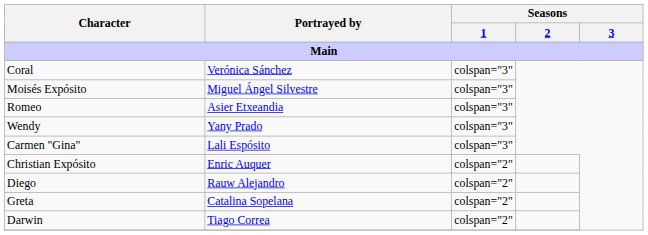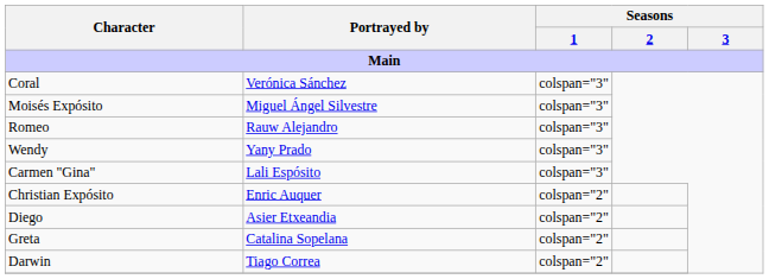 <table class="wikitable">
 <tr>
 <th rowspan="2">Character</th>
 <th rowspan="2">Portrayed by</th>
 <th colspan="6">Seasons</th>
 </tr>
 <tr>
 <th style="width:10%;"><a href='#'>1</a></th>
 <th style="width:10%;"><a href='#'>2</a></th>
 <th style="width:10%;"><a href='#'>3</a></th>
 </tr>
 <tr>
 <th scope="row" colspan="8" style="background-color:#ccccff;">Main</th>
 </tr>
 <tr>
 <td>Coral</td>
 <td><a href='#'>Verónica Sánchez</a></td>
 <td>colspan="3" </td>
 </tr>
 <tr>
 <td>Moisés Expósito</td>
 <td><a href='#'>Miguel Ángel Silvestre</a></td>
 <td>colspan="3" </td>
 </tr>
 <tr>
 <td>Romeo</td>
-<td><a href='#'>Asier Etxeandia</a></td>
+<td><a href='#'>Rauw Alejandro</a></td>
 <td>colspan="3" </td>
 </tr>
 <tr>
 <td>Wendy</td>
 <td><a href='#'>Yany Prado</a></td>
 <td>colspan="3" </td>
 </tr>
 <tr>
 <td>Carmen "Gina"</td>
 <td><a href='#'>Lali Espósito</a></td>
 <td>colspan="3" </td>
 </tr>
 <tr>
 <td>Christian Expósito</td>
 <td><a href='#'>Enric Auquer</a></td>
 <td>colspan="2" </td>
 <td></td>
 </tr>
 <tr>
 <td>Diego</td>
-<td><a href='#'>Rauw Alejandro</a></td>
+<td><a href='#'>Asier Etxeandia</a></td>
 <td>colspan="2" </td>
 <td></td>
 </tr>
 <tr>
 <td>Greta</td>
 <td><a href='#'>Catalina Sopelana</a></td>
 <td>colspan="2" </td>
 <td></td>
 </tr>
 <tr>
 <td>Darwin</td>
 <td><a href='#'>Tiago Correa</a></td>
 <td>colspan="2" </td>
 <td></td>
 </tr>
 <tr>
 </tr>
 </table>
